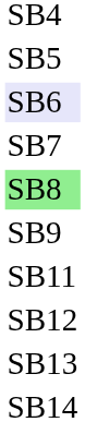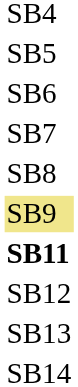 <table>
 <tr>
 <td>SB4</td>
 <td></td>
 <td></td>
 <td></td>
 </tr>
 <tr>
 <td>SB5</td>
 <td></td>
 <td></td>
 <td></td>
 </tr>
 <tr>
-<td style="background: lavender;">SB6</td>
+<td>SB6</td>
 <td></td>
 <td></td>
 <td></td>
 </tr>
 <tr>
 <td>SB7</td>
 <td></td>
 <td></td>
 <td></td>
 </tr>
 <tr>
-<td style="background: lightgreen;">SB8</td>
+<td>SB8</td>
 <td></td>
 <td></td>
 <td></td>
 </tr>
 <tr>
-<td>SB9</td>
+<td style="background: khaki;">SB9</td>
 <td></td>
 <td></td>
 <td></td>
 </tr>
 <tr>
-<td>SB11</td>
+<td><strong>SB11</strong></td>
 <td></td>
 <td></td>
 <td></td>
 </tr>
 <tr>
 <td>SB12</td>
 <td></td>
 <td></td>
 <td></td>
 </tr>
 <tr>
 <td>SB13</td>
 <td></td>
 <td></td>
 <td></td>
 </tr>
 <tr>
 <td>SB14</td>
 <td></td>
 <td></td>
 <td></td>
 </tr>
 </table>
